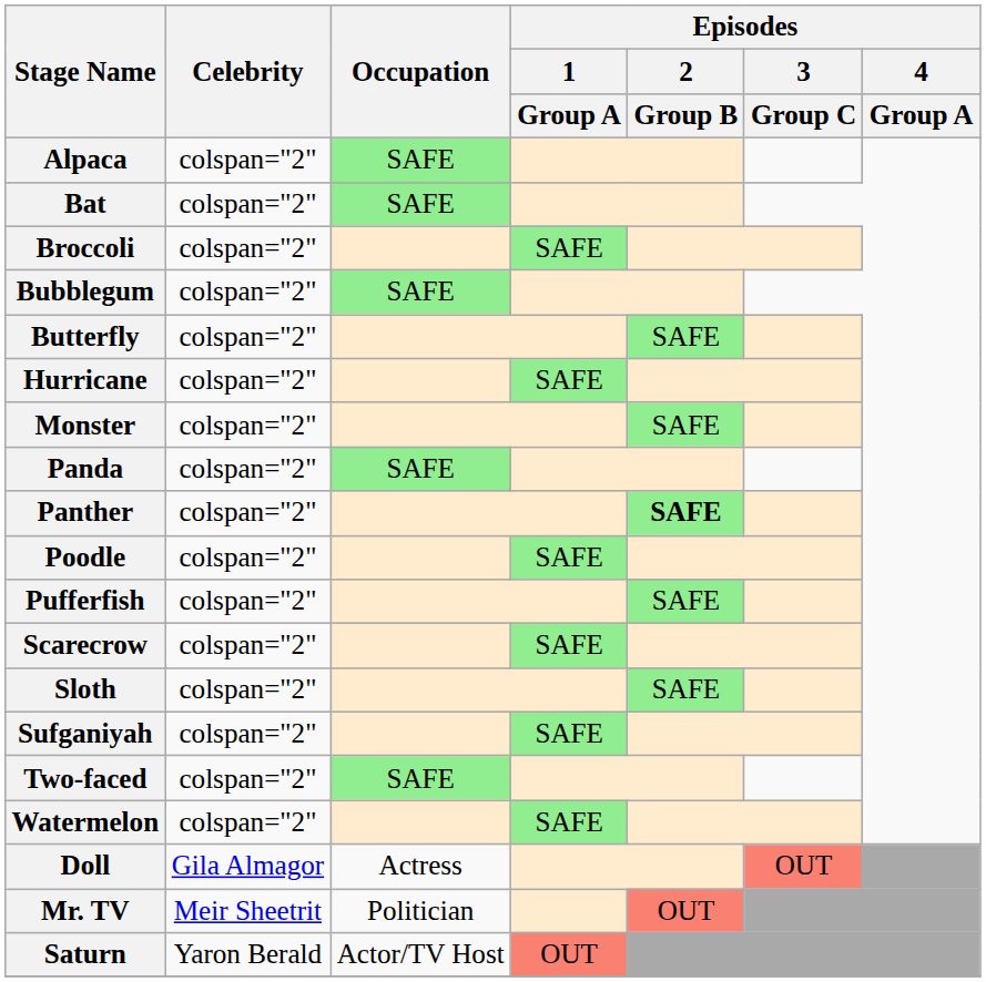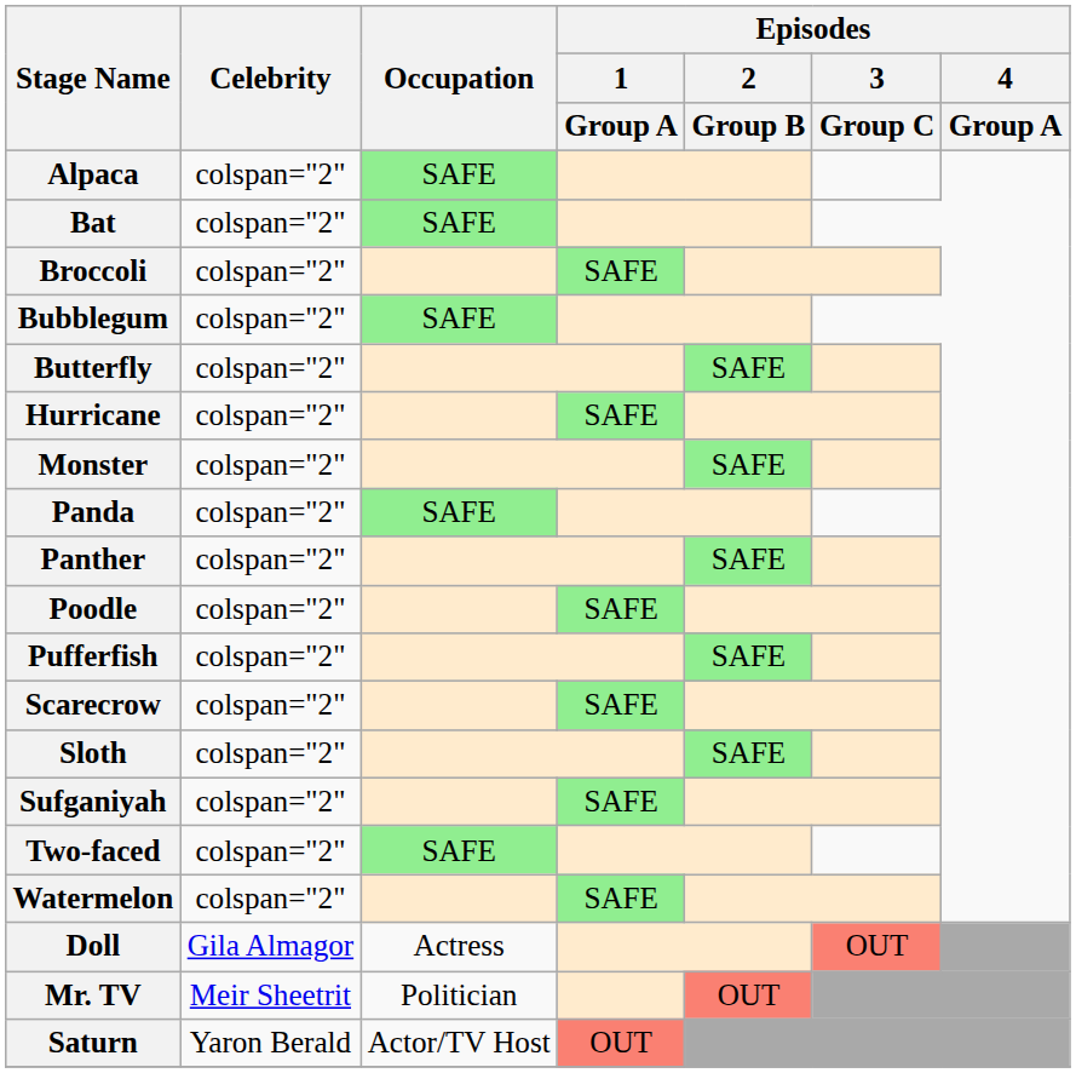 <table class="wikitable" style="text-align:center; ">
 <tr>
 <th rowspan="3">Stage Name</th>
 <th rowspan="3">Celebrity</th>
 <th rowspan="3">Occupation</th>
 <th colspan="20">Episodes</th>
 </tr>
 <tr>
 <th>1</th>
 <th>2</th>
 <th>3</th>
 <th>4</th>
 </tr>
 <tr>
 <th colspan="1">Group A</th>
 <th colspan="1">Group B</th>
 <th colspan="1">Group C</th>
 <th colspan="1">Group A</th>
 </tr>
 <tr>
 <th>Alpaca</th>
 <td>colspan="2" </td>
 <td bgcolor=lightgreen>SAFE</td>
 <td colspan="2" bgcolor=#FFEBCD></td>
 <td></td>
 </tr>
 <tr>
 <th>Bat</th>
 <td>colspan="2" </td>
 <td bgcolor=lightgreen>SAFE</td>
 <td colspan="2" bgcolor=#FFEBCD></td>
 </tr>
 <tr>
 <th>Broccoli</th>
 <td>colspan="2" </td>
 <td colspan="1" bgcolor=#FFEBCD></td>
 <td bgcolor=lightgreen>SAFE</td>
 <td colspan="2" bgcolor=#FFEBCD></td>
 </tr>
 <tr>
 <th>Bubblegum</th>
 <td>colspan="2" </td>
 <td bgcolor=lightgreen>SAFE</td>
 <td colspan="2" bgcolor=#FFEBCD></td>
 </tr>
 <tr>
 <th>Butterfly</th>
 <td>colspan="2" </td>
 <td colspan="2" bgcolor=#FFEBCD></td>
 <td bgcolor=lightgreen>SAFE</td>
 <td colspan="1" bgcolor=#FFEBCD></td>
 </tr>
 <tr>
 <th>Hurricane</th>
 <td>colspan="2" </td>
 <td colspan="1" bgcolor=#FFEBCD></td>
 <td bgcolor=lightgreen>SAFE</td>
 <td colspan="2" bgcolor=#FFEBCD></td>
 </tr>
 <tr>
 <th>Monster</th>
 <td>colspan="2" </td>
 <td colspan="2" bgcolor=#FFEBCD></td>
 <td bgcolor=lightgreen>SAFE</td>
 <td colspan="1" bgcolor=#FFEBCD></td>
 </tr>
 <tr>
 <th>Panda</th>
 <td>colspan="2" </td>
 <td bgcolor=lightgreen>SAFE</td>
 <td colspan="2" bgcolor=#FFEBCD></td>
 <td></td>
 </tr>
 <tr>
 <th>Panther</th>
 <td>colspan="2" </td>
 <td colspan="2" bgcolor=#FFEBCD></td>
-<td bgcolor=lightgreen><strong>SAFE</strong></td>
+<td bgcolor=lightgreen>SAFE</td>
 <td colspan="1" bgcolor=#FFEBCD></td>
 </tr>
 <tr>
 <th>Poodle</th>
 <td>colspan="2" </td>
 <td colspan="1" bgcolor=#FFEBCD></td>
 <td bgcolor=lightgreen>SAFE</td>
 <td colspan="2" bgcolor=#FFEBCD></td>
 </tr>
 <tr>
 <th>Pufferfish</th>
 <td>colspan="2" </td>
 <td colspan="2" bgcolor=#FFEBCD></td>
 <td bgcolor=lightgreen>SAFE</td>
 <td colspan="1" bgcolor=#FFEBCD></td>
 </tr>
 <tr>
 <th>Scarecrow</th>
 <td>colspan="2" </td>
 <td colspan="1" bgcolor=#FFEBCD></td>
 <td bgcolor=lightgreen>SAFE</td>
 <td colspan="2" bgcolor=#FFEBCD></td>
 </tr>
 <tr>
 <th>Sloth</th>
 <td>colspan="2" </td>
 <td colspan="2" bgcolor=#FFEBCD></td>
 <td bgcolor=lightgreen>SAFE</td>
 <td colspan="1" bgcolor=#FFEBCD></td>
 </tr>
 <tr>
 <th>Sufganiyah</th>
 <td>colspan="2" </td>
 <td colspan="1" bgcolor=#FFEBCD></td>
 <td bgcolor=lightgreen>SAFE</td>
 <td colspan="2" bgcolor=#FFEBCD></td>
 </tr>
 <tr>
 <th>Two-faced</th>
 <td>colspan="2" </td>
 <td bgcolor=lightgreen>SAFE</td>
 <td colspan="2" bgcolor=#FFEBCD></td>
 <td></td>
 </tr>
 <tr>
 <th>Watermelon</th>
 <td>colspan="2" </td>
 <td colspan="1" bgcolor=#FFEBCD></td>
 <td bgcolor=lightgreen>SAFE</td>
 <td colspan="2" bgcolor=#FFEBCD></td>
 </tr>
 <tr>
 <th>Doll</th>
 <td><a href='#'>Gila Almagor</a></td>
 <td>Actress</td>
 <td colspan="2" bgcolor=#FFEBCD></td>
 <td bgcolor="salmon">OUT</td>
 <td colspan="1" bgcolor="darkgrey"></td>
 </tr>
 <tr>
 <th>Mr. TV</th>
 <td><a href='#'>Meir Sheetrit</a></td>
 <td>Politician</td>
 <td colspan="1" bgcolor=#FFEBCD></td>
 <td bgcolor="salmon">OUT</td>
 <td colspan="2" bgcolor="darkgrey"></td>
 </tr>
 <tr>
 <th>Saturn</th>
 <td>Yaron Berald</td>
 <td>Actor/TV Host</td>
 <td bgcolor="salmon">OUT</td>
 <td colspan="3" bgcolor="darkgrey"></td>
 </tr>
 <tr>
 </tr>
 </table>
